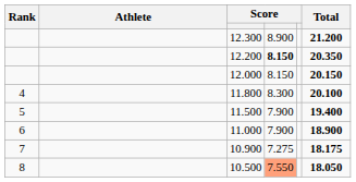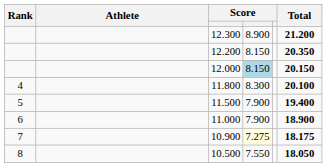 <table class=wikitable style="text-align:center">
 <tr>
 <th width="40" rowspan="2">Rank</th>
 <th width="250" rowspan="2">Athlete</th>
 <th width="60" colspan="3">Score</th>
 <th width="60" rowspan="2">Total</th>
 </tr>
 <tr>
 <th></th>
 <th></th>
 <th></th>
 </tr>
 <tr>
 <td></td>
 <td align="left"></td>
 <td>12.300</td>
 <td>8.900</td>
 <td></td>
 <td><strong>21.200</strong></td>
 </tr>
 <tr>
 <td></td>
 <td align="left"></td>
 <td>12.200</td>
-<td><strong>8.150</strong></td>
+<td>8.150</td>
 <td></td>
 <td><strong>20.350</strong></td>
 </tr>
 <tr>
 <td></td>
 <td align="left"></td>
 <td>12.000</td>
-<td>8.150</td>
+<td style="background: lightblue;">8.150</td>
 <td></td>
 <td><strong>20.150</strong></td>
 </tr>
 <tr>
 <td>4</td>
 <td align="left"></td>
 <td>11.800</td>
 <td>8.300</td>
 <td></td>
 <td><strong>20.100</strong></td>
 </tr>
 <tr>
 <td>5</td>
 <td align="left"></td>
 <td>11.500</td>
 <td>7.900</td>
 <td></td>
 <td><strong>19.400</strong></td>
 </tr>
 <tr>
 <td>6</td>
 <td align="left"></td>
 <td>11.000</td>
 <td>7.900</td>
 <td></td>
 <td><strong>18.900</strong></td>
 </tr>
 <tr>
 <td>7</td>
 <td align="left"></td>
 <td>10.900</td>
-<td>7.275</td>
+<td style="background: lightyellow;">7.275</td>
 <td></td>
 <td><strong>18.175</strong></td>
 </tr>
 <tr>
 <td>8</td>
 <td align="left"></td>
 <td>10.500</td>
-<td style="background: lightsalmon;">7.550</td>
+<td>7.550</td>
 <td></td>
 <td><strong>18.050</strong></td>
 </tr>
 </table>
